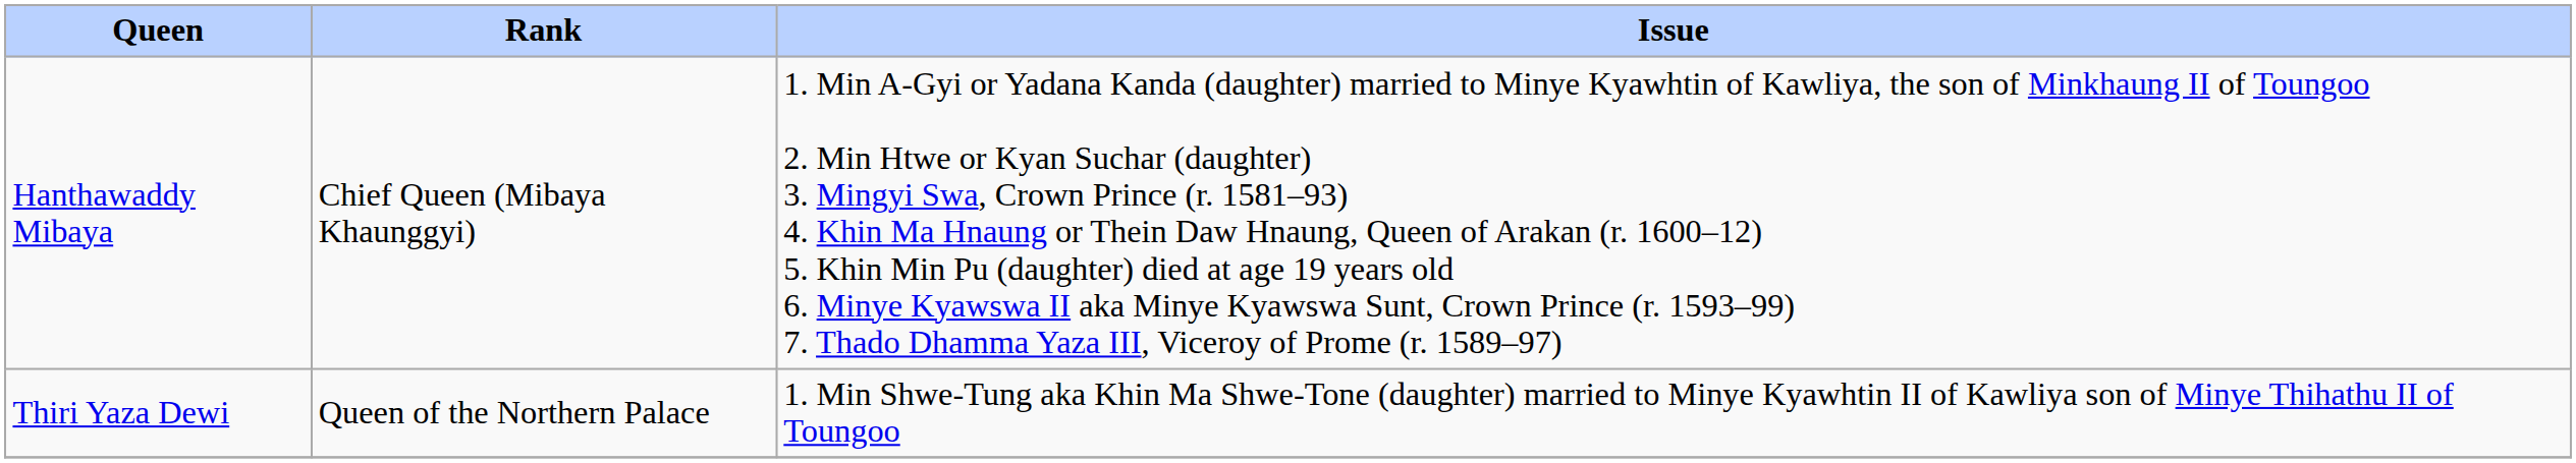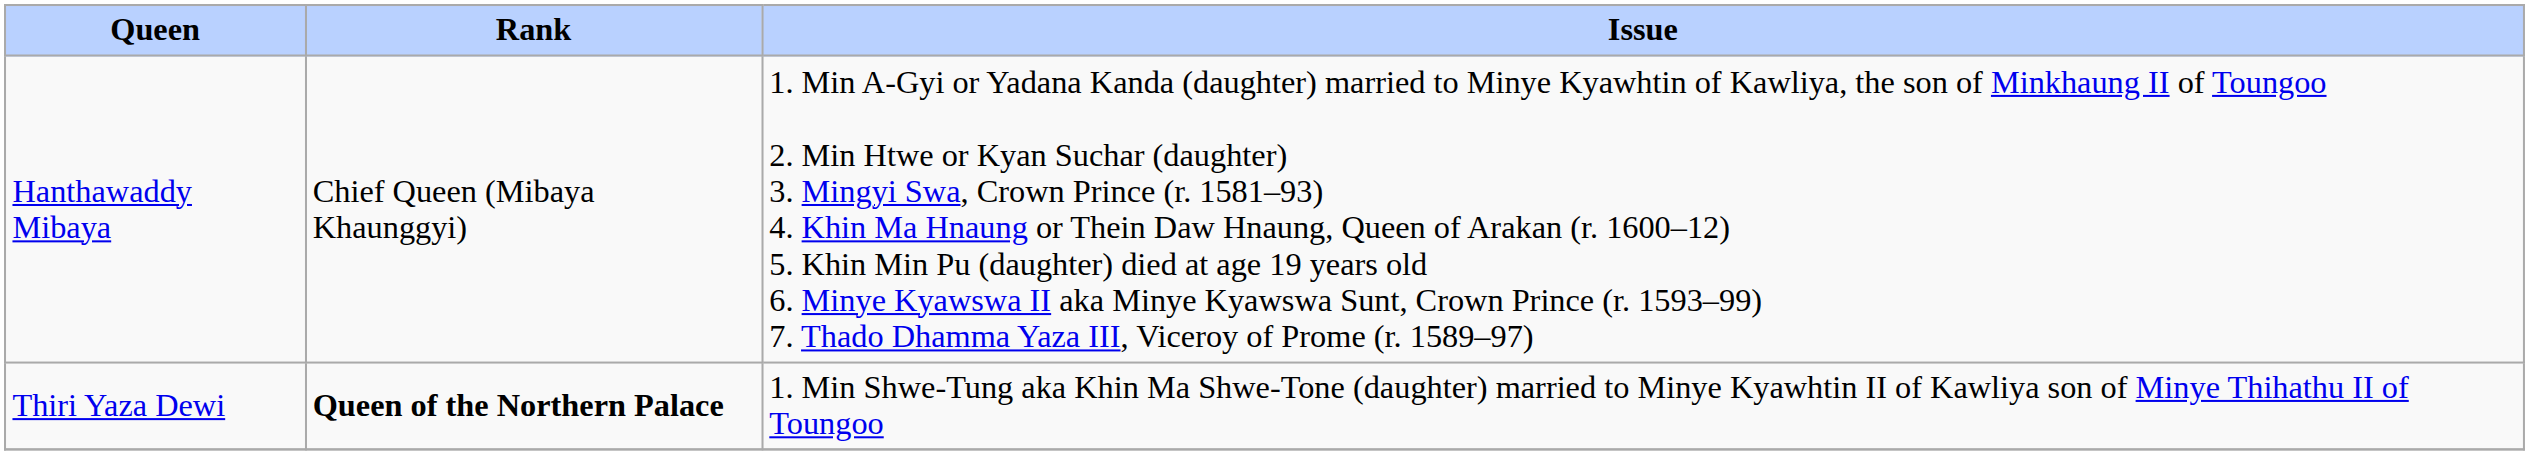 <table class="wikitable">
 <tr>
 <th style="background-color:#B9D1FF">Queen</th>
 <th style="background-color:#B9D1FF">Rank</th>
 <th style="background-color:#B9D1FF">Issue</th>
 </tr>
 <tr>
 <td><a href='#'>Hanthawaddy Mibaya</a></td>
 <td>Chief Queen (Mibaya Khaunggyi)</td>
 <td>1. Min A-Gyi or Yadana Kanda (daughter) married to Minye Kyawhtin of Kawliya, the son of <a href='#'>Minkhaung II</a> of <a href='#'>Toungoo</a> <br><br>2. Min Htwe or Kyan Suchar (daughter) <br> 3. <a href='#'>Mingyi Swa</a>, Crown Prince (r. 1581–93) <br> 4. <a href='#'>Khin Ma Hnaung</a> or Thein Daw Hnaung, Queen of Arakan (r. 1600–12) <br> 5. Khin Min Pu (daughter) died at age 19 years old<br> 6. <a href='#'>Minye Kyawswa II</a> aka Minye Kyawswa Sunt,  Crown Prince (r. 1593–99) <br> 7. <a href='#'>Thado Dhamma Yaza III</a>, Viceroy of Prome (r. 1589–97)</td>
 </tr>
 <tr>
 <td><a href='#'>Thiri Yaza Dewi</a></td>
-<td>Queen of the Northern Palace</td>
+<td><strong>Queen of the Northern Palace</strong></td>
 <td>1. Min Shwe-Tung aka Khin Ma Shwe-Tone (daughter) married to Minye Kyawhtin II of Kawliya son of <a href='#'>Minye Thihathu II of Toungoo</a></td>
 </tr>
 <tr>
 </tr>
 </table>
